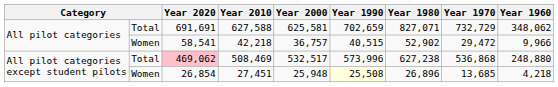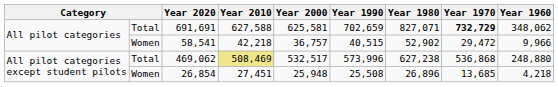 <table class=wikitable style="text-align:right;">
 <tr>
 <th colspan=2>Category</th>
 <th>Year 2020</th>
 <th>Year 2010</th>
 <th>Year 2000</th>
 <th>Year 1990</th>
 <th>Year 1980</th>
 <th>Year 1970</th>
 <th>Year 1960</th>
 </tr>
 <tr>
 <td rowspan=2 align=left>All pilot categories</td>
 <td align=left>Total</td>
 <td>691,691</td>
 <td>627,588</td>
 <td>625,581</td>
 <td>702,659</td>
 <td>827,071</td>
-<td>732,729</td>
+<td><strong>732,729</strong></td>
 <td>348,062</td>
 </tr>
 <tr>
 <td align=left>Women</td>
 <td>58,541</td>
 <td>42,218</td>
 <td>36,757</td>
 <td>40,515</td>
 <td>52,902</td>
 <td>29,472</td>
 <td>9,966</td>
 </tr>
 <tr>
 <td rowspan=2 align=left>All pilot categories<br>except student pilots</td>
 <td align=left>Total</td>
-<td style="background: pink;">469,062</td>
-<td>508,469</td>
+<td>469,062</td>
+<td style="background: khaki;">508,469</td>
 <td>532,517</td>
 <td>573,996</td>
 <td>627,238</td>
 <td>536,868</td>
 <td>248,880</td>
 </tr>
 <tr>
 <td align=left>Women</td>
 <td>26,854</td>
 <td>27,451</td>
 <td>25,948</td>
-<td style="background: lightyellow;">25,508</td>
+<td>25,508</td>
 <td>26,896</td>
 <td>13,685</td>
 <td>4,218</td>
 </tr>
 </table>
